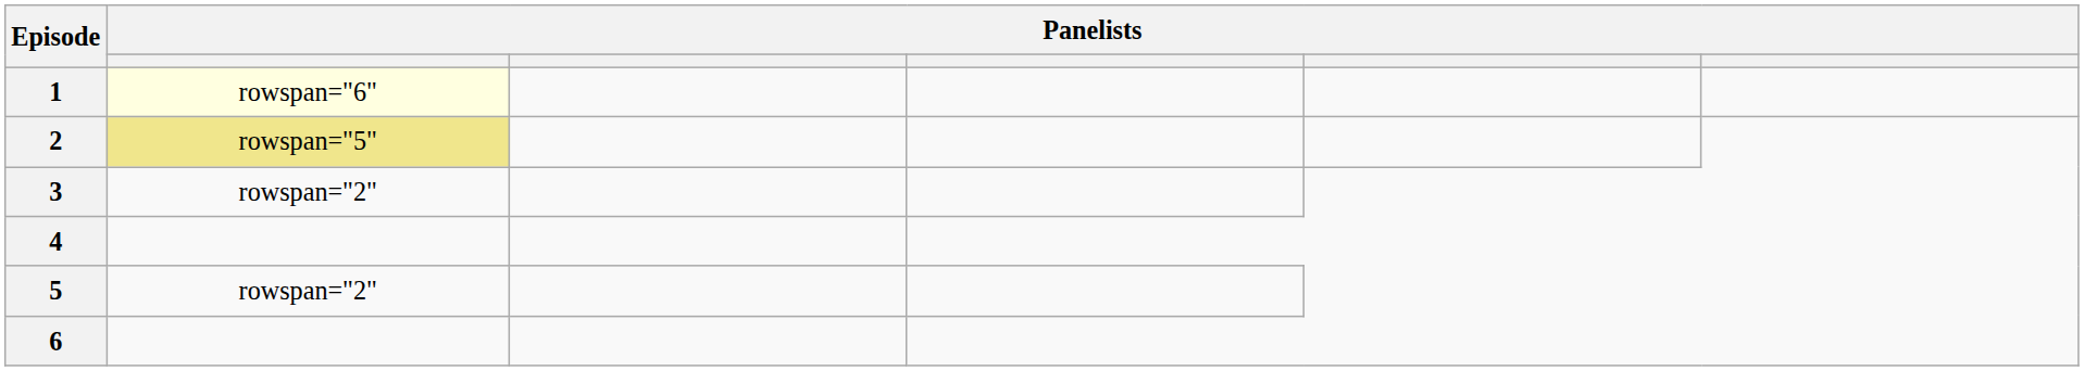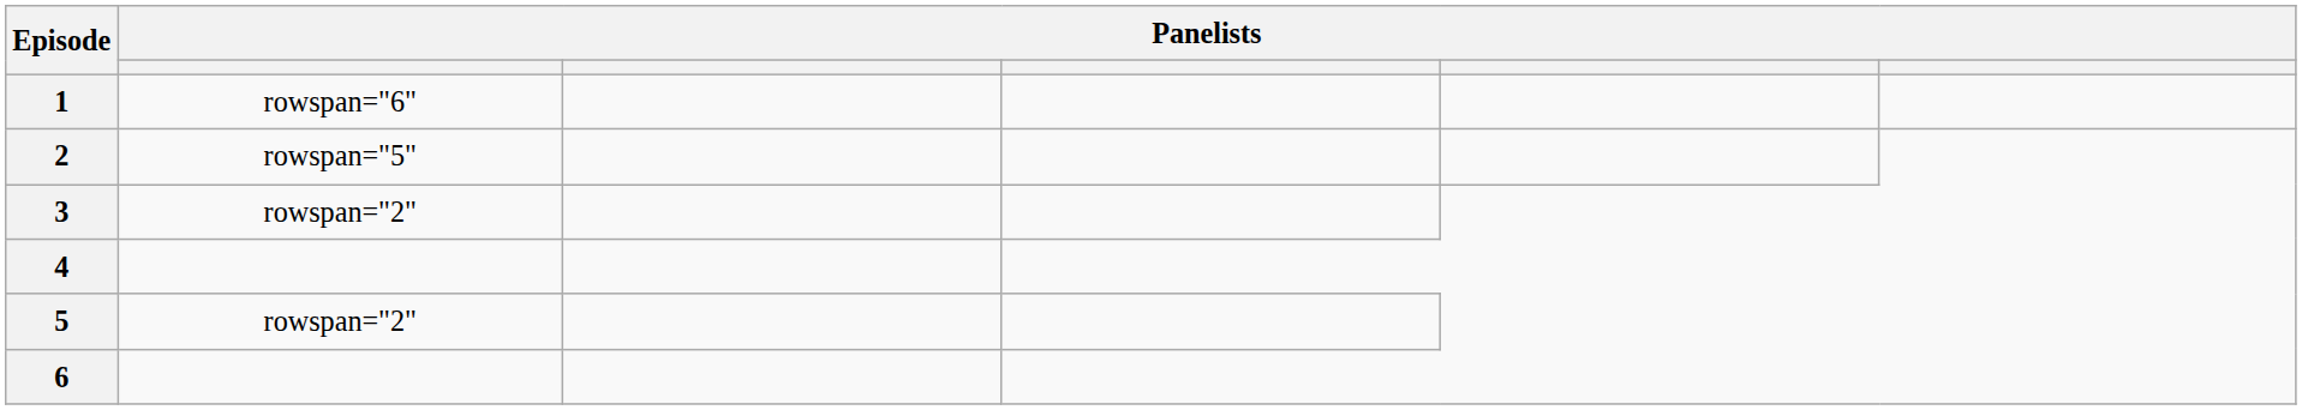 <table class="wikitable plainrowheaders mw-collapsible" style="text-align:center; line-height:23px; width:100%;">
 <tr>
 <th rowspan="2" width="1%">Episode</th>
 <th colspan="6">Panelists</th>
 </tr>
 <tr>
 <th width="20%"></th>
 <th width="20%"></th>
 <th width="20%"></th>
 <th width="20%"></th>
 <th width="20%"></th>
 </tr>
 <tr>
 <th>1</th>
-<td style="background: lightyellow;">rowspan="6" </td>
+<td>rowspan="6" </td>
 <td></td>
 <td></td>
 <td></td>
 <td></td>
 </tr>
 <tr>
 <th>2</th>
-<td style="background: khaki;">rowspan="5" </td>
+<td>rowspan="5" </td>
 <td></td>
 <td></td>
 <td></td>
 </tr>
 <tr>
 <th>3</th>
 <td>rowspan="2" </td>
 <td></td>
 <td></td>
 </tr>
 <tr>
 <th>4</th>
 <td></td>
 <td></td>
 </tr>
 <tr>
 <th>5</th>
 <td>rowspan="2" </td>
 <td></td>
 <td></td>
 </tr>
 <tr>
 <th>6</th>
 <td></td>
 <td></td>
 </tr>
 </table>
